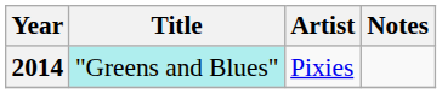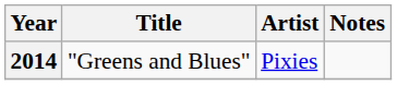 <table class="wikitable plainrowheaders sortable" style="margin-right: 0;">
 <tr>
 <th scope="col">Year</th>
 <th scope="col">Title</th>
 <th scope="col">Artist</th>
 <th scope="col" class="unsortable">Notes</th>
 </tr>
 <tr>
 <th scope="row">2014</th>
-<td style="background: paleturquoise;">"Greens and Blues"</td>
+<td>"Greens and Blues"</td>
 <td><a href='#'>Pixies</a></td>
 <td></td>
 </tr>
 <tr>
 </tr>
 </table>
